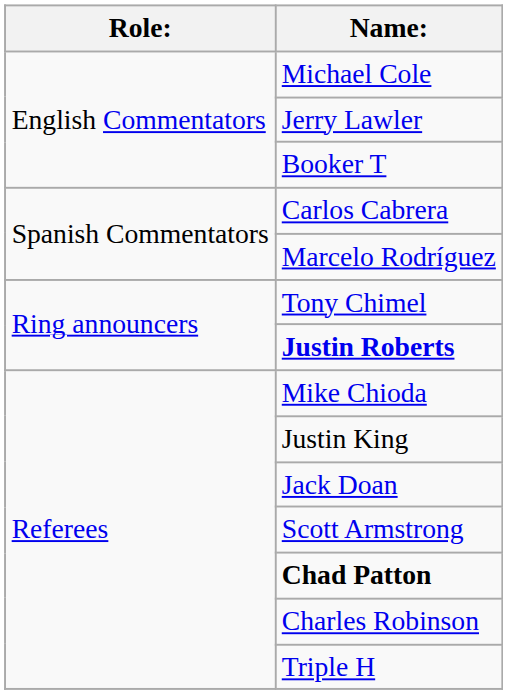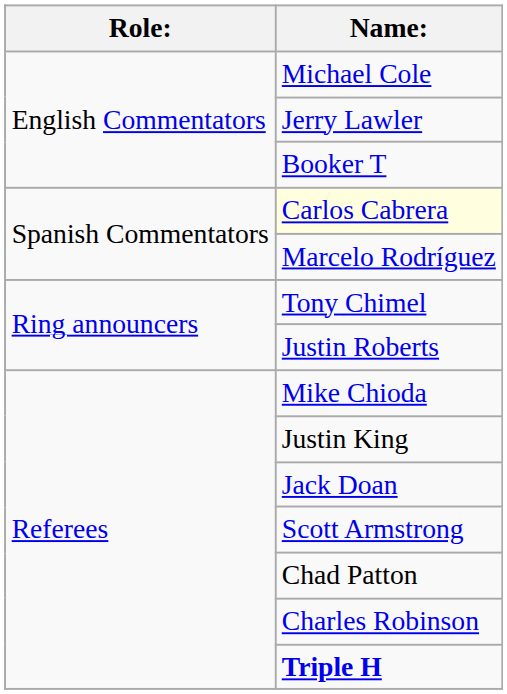 <table class=wikitable style="font-size:90%; margin: 0.5em 0 0.5em 1em; float: right; clear: right;">
 <tr>
 <th>Role:</th>
 <th>Name:</th>
 </tr>
 <tr>
 <td rowspan=3>English <a href='#'>Commentators</a></td>
 <td><a href='#'>Michael Cole</a></td>
 </tr>
 <tr>
 <td><a href='#'>Jerry Lawler</a></td>
 </tr>
 <tr>
 <td><a href='#'>Booker T</a></td>
 </tr>
 <tr>
 <td rowspan=2>Spanish Commentators</td>
-<td><a href='#'>Carlos Cabrera</a></td>
+<td style="background: lightyellow;"><a href='#'>Carlos Cabrera</a></td>
 </tr>
 <tr>
 <td><a href='#'>Marcelo Rodríguez</a></td>
 </tr>
 <tr>
 <td rowspan=2><a href='#'>Ring announcers</a></td>
 <td><a href='#'>Tony Chimel</a> </td>
 </tr>
 <tr>
-<td><strong><a href='#'>Justin Roberts</a> </strong></td>
+<td><a href='#'>Justin Roberts</a> </td>
 </tr>
 <tr>
 <td rowspan=7><a href='#'>Referees</a></td>
 <td><a href='#'>Mike Chioda</a></td>
 </tr>
 <tr>
 <td>Justin King</td>
 </tr>
 <tr>
 <td><a href='#'>Jack Doan</a></td>
 </tr>
 <tr>
 <td><a href='#'>Scott Armstrong</a></td>
 </tr>
 <tr>
-<td><strong>Chad Patton</strong></td>
+<td>Chad Patton</td>
 </tr>
 <tr>
 <td><a href='#'>Charles Robinson</a></td>
 </tr>
 <tr>
-<td><a href='#'>Triple H</a> </td>
+<td><strong><a href='#'>Triple H</a> </strong></td>
 </tr>
 </table>
